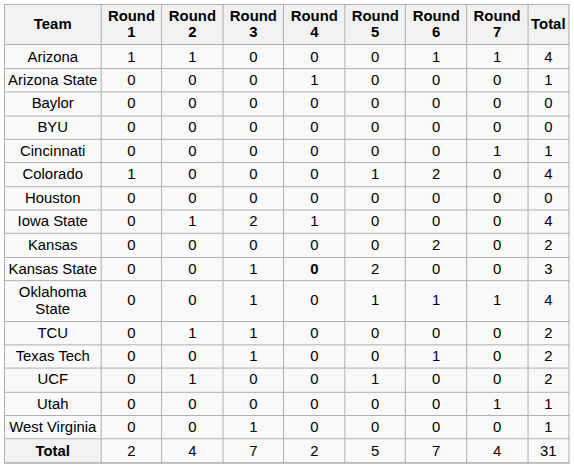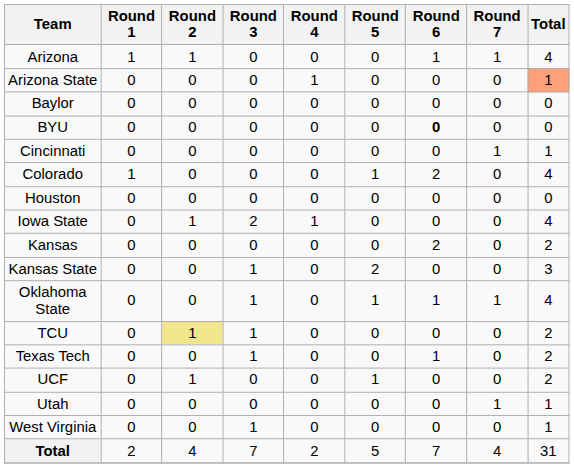 <table class="wikitable sortable" style="text-align: center;">
 <tr>
 <th>Team</th>
 <th>Round 1</th>
 <th>Round 2</th>
 <th>Round 3</th>
 <th>Round 4</th>
 <th>Round 5</th>
 <th>Round 6</th>
 <th>Round 7</th>
 <th>Total</th>
 </tr>
 <tr>
 <td>Arizona</td>
 <td>1</td>
 <td>1</td>
 <td>0</td>
 <td>0</td>
 <td>0</td>
 <td>1</td>
 <td>1</td>
 <td>4</td>
 </tr>
 <tr>
 <td>Arizona State</td>
 <td>0</td>
 <td>0</td>
 <td>0</td>
 <td>1</td>
 <td>0</td>
 <td>0</td>
 <td>0</td>
-<td>1</td>
+<td style="background: lightsalmon;">1</td>
 </tr>
 <tr>
 <td>Baylor</td>
 <td>0</td>
 <td>0</td>
 <td>0</td>
 <td>0</td>
 <td>0</td>
 <td>0</td>
 <td>0</td>
 <td>0</td>
 </tr>
 <tr>
 <td>BYU</td>
 <td>0</td>
 <td>0</td>
 <td>0</td>
 <td>0</td>
 <td>0</td>
-<td>0</td>
+<td><strong>0</strong></td>
 <td>0</td>
 <td>0</td>
 </tr>
 <tr>
 <td>Cincinnati</td>
 <td>0</td>
 <td>0</td>
 <td>0</td>
 <td>0</td>
 <td>0</td>
 <td>0</td>
 <td>1</td>
 <td>1</td>
 </tr>
 <tr>
 <td>Colorado</td>
 <td>1</td>
 <td>0</td>
 <td>0</td>
 <td>0</td>
 <td>1</td>
 <td>2</td>
 <td>0</td>
 <td>4</td>
 </tr>
 <tr>
 <td>Houston</td>
 <td>0</td>
 <td>0</td>
 <td>0</td>
 <td>0</td>
 <td>0</td>
 <td>0</td>
 <td>0</td>
 <td>0</td>
 </tr>
 <tr>
 <td>Iowa State</td>
 <td>0</td>
 <td>1</td>
 <td>2</td>
 <td>1</td>
 <td>0</td>
 <td>0</td>
 <td>0</td>
 <td>4</td>
 </tr>
 <tr>
 <td>Kansas</td>
 <td>0</td>
 <td>0</td>
 <td>0</td>
 <td>0</td>
 <td>0</td>
 <td>2</td>
 <td>0</td>
 <td>2</td>
 </tr>
 <tr>
 <td>Kansas State</td>
 <td>0</td>
 <td>0</td>
 <td>1</td>
-<td><strong>0</strong></td>
+<td>0</td>
 <td>2</td>
 <td>0</td>
 <td>0</td>
 <td>3</td>
 </tr>
 <tr>
 <td>Oklahoma State</td>
 <td>0</td>
 <td>0</td>
 <td>1</td>
 <td>0</td>
 <td>1</td>
 <td>1</td>
 <td>1</td>
 <td>4</td>
 </tr>
 <tr>
 <td>TCU</td>
 <td>0</td>
-<td>1</td>
+<td style="background: khaki;">1</td>
 <td>1</td>
 <td>0</td>
 <td>0</td>
 <td>0</td>
 <td>0</td>
 <td>2</td>
 </tr>
 <tr>
 <td>Texas Tech</td>
 <td>0</td>
 <td>0</td>
 <td>1</td>
 <td>0</td>
 <td>0</td>
 <td>1</td>
 <td>0</td>
 <td>2</td>
 </tr>
 <tr>
 <td>UCF</td>
 <td>0</td>
 <td>1</td>
 <td>0</td>
 <td>0</td>
 <td>1</td>
 <td>0</td>
 <td>0</td>
 <td>2</td>
 </tr>
 <tr>
 <td>Utah</td>
 <td>0</td>
 <td>0</td>
 <td>0</td>
 <td>0</td>
 <td>0</td>
 <td>0</td>
 <td>1</td>
 <td>1</td>
 </tr>
 <tr>
 <td>West Virginia</td>
 <td>0</td>
 <td>0</td>
 <td>1</td>
 <td>0</td>
 <td>0</td>
 <td>0</td>
 <td>0</td>
 <td>1</td>
 </tr>
 <tr>
 <th>Total</th>
 <td>2</td>
 <td>4</td>
 <td>7</td>
 <td>2</td>
 <td>5</td>
 <td>7</td>
 <td>4</td>
 <td>31</td>
 </tr>
 <tr>
 </tr>
 </table>
